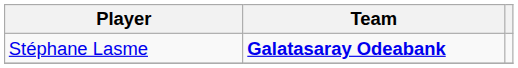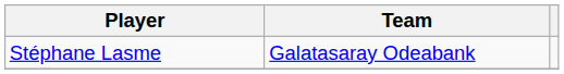 <table class="wikitable" style="text-align: center;">
 <tr>
 <th style="width:200px;">Player</th>
 <th style="width:220px;">Team</th>
 <th></th>
 </tr>
 <tr>
 <td align="left"> <a href='#'>Stéphane Lasme</a></td>
-<td align="left"><strong> <a href='#'>Galatasaray Odeabank</a></strong></td>
+<td align="left"> <a href='#'>Galatasaray Odeabank</a></td>
 <td></td>
 </tr>
 <tr>
 </tr>
 </table>
